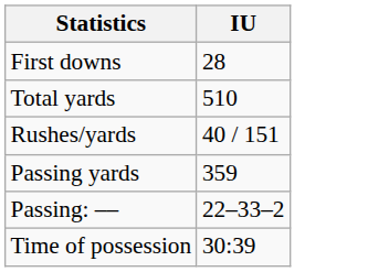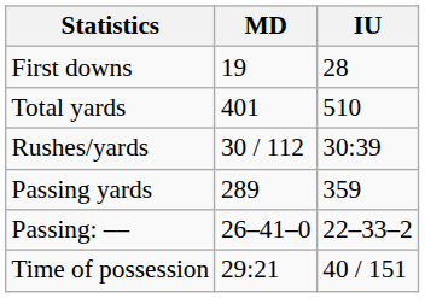 <table class="wikitable" style="float:left">
 <tr>
 <th>Statistics</th>
+<th>MD</th>
 <th>IU</th>
 </tr>
 <tr>
 <td>First downs</td>
+<td>19</td>
 <td>28</td>
 </tr>
 <tr>
 <td>Total yards</td>
+<td>401</td>
 <td>510</td>
 </tr>
 <tr>
 <td>Rushes/yards</td>
-<td>40 / 151</td>
+<td>30 / 112</td>
+<td>30:39</td>
 </tr>
 <tr>
 <td>Passing yards</td>
+<td>289</td>
 <td>359</td>
 </tr>
 <tr>
 <td>Passing: ––</td>
+<td>26–41–0</td>
 <td>22–33–2</td>
 </tr>
 <tr>
 <td>Time of possession</td>
-<td>30:39</td>
+<td>29:21</td>
+<td>40 / 151</td>
 </tr>
 </table>
